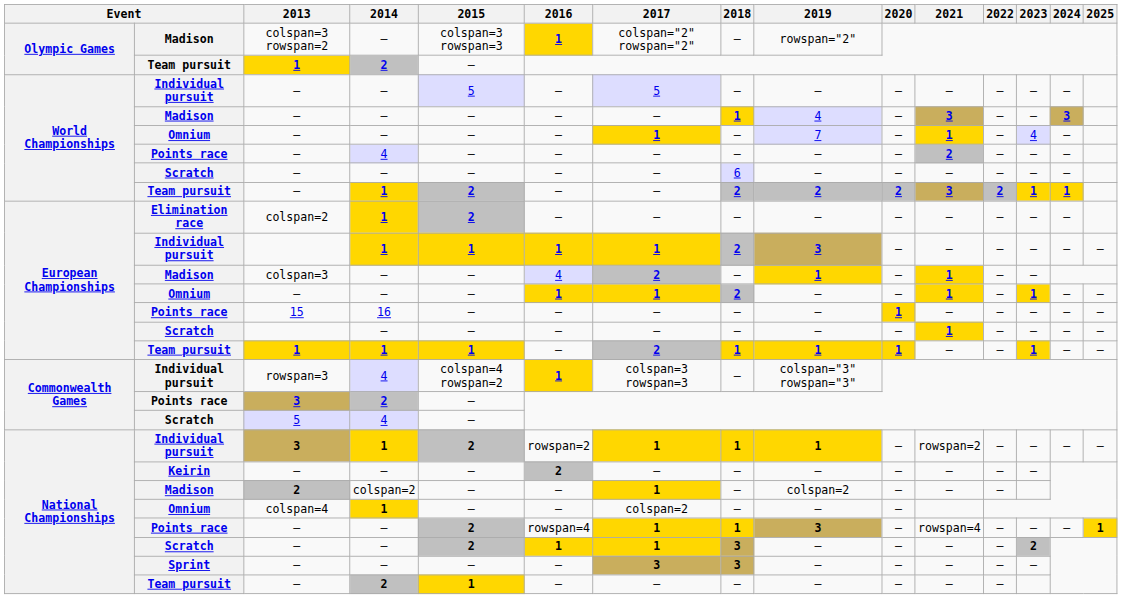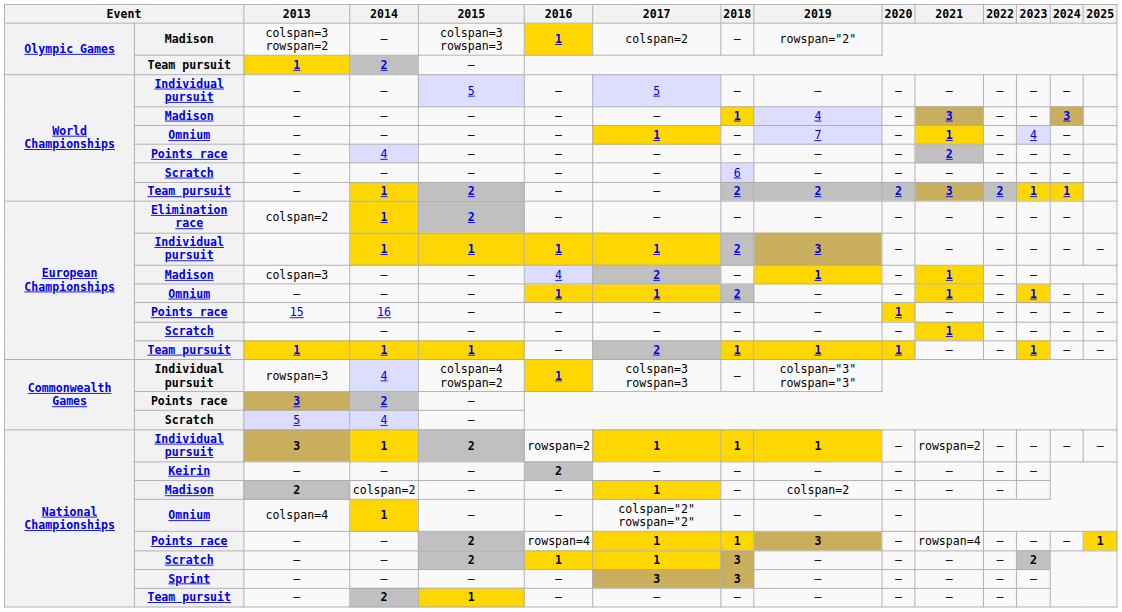 <table class="wikitable plainrowheaders">
 <tr>
 <th scope="col" colspan=2>Event</th>
 <th scope="col">2013</th>
 <th scope="col">2014</th>
 <th scope="col">2015</th>
 <th scope="col">2016</th>
 <th scope="col">2017</th>
 <th scope="col">2018</th>
 <th scope="col">2019</th>
 <th scope="col">2020</th>
 <th scope="col">2021</th>
 <th scope="col">2022</th>
 <th scope="col">2023</th>
 <th scope="col">2024</th>
 <th scope="col">2025</th>
 </tr>
 <tr style="text-align:center;">
 <th scope="row" rowspan=2> <a href='#'>Olympic Games</a></th>
 <th scope="row">Madison</th>
 <td>colspan=3 rowspan=2 </td>
 <td>—</td>
 <td>colspan=3 rowspan=3 </td>
 <th style="background:gold;"><a href='#'>1</a></th>
-<td>colspan="2" rowspan="2" </td>
+<td>colspan=2 </td>
 <td>—</td>
 <td>rowspan="2" </td>
 </tr>
 <tr style="text-align:center;">
 <th scope="row">Team pursuit</th>
 <th style="background:gold;"><a href='#'>1</a></th>
 <th style="background:silver;"><a href='#'>2</a></th>
 <td>—</td>
 </tr>
 <tr style="text-align:center;">
 <th scope="row" rowspan=6> <a href='#'>World Championships</a></th>
 <th scope="row"><a href='#'>Individual pursuit</a></th>
 <td>—</td>
 <td>—</td>
 <td style="background:#ddf;"><a href='#'>5</a></td>
 <td>—</td>
 <td style="background:#ddf;"><a href='#'>5</a></td>
 <td>—</td>
 <td>—</td>
 <td>—</td>
 <td>—</td>
 <td>—</td>
 <td>—</td>
 <td>—</td>
 <td></td>
 </tr>
 <tr style="text-align:center;">
 <th scope="row"><a href='#'>Madison</a></th>
 <td>—</td>
 <td>—</td>
 <td>—</td>
 <td>—</td>
 <td>—</td>
 <th style="background:gold;"><a href='#'>1</a></th>
 <td style="background:#ddf;"><a href='#'>4</a></td>
 <td>—</td>
 <th style="background:#C9AE5D;"><a href='#'>3</a></th>
 <td>—</td>
 <td>—</td>
 <th style="background:#C9AE5D;"><a href='#'>3</a></th>
 <td></td>
 </tr>
 <tr style="text-align:center;">
 <th scope="row"><a href='#'>Omnium</a></th>
 <td>—</td>
 <td>—</td>
 <td>—</td>
 <td>—</td>
 <th style="background:gold;"><a href='#'>1</a></th>
 <td>—</td>
 <td style="background:#ddf;"><a href='#'>7</a></td>
 <td>—</td>
 <th style="background:gold;"><a href='#'>1</a></th>
 <td>—</td>
 <td style="background:#ddf;"><a href='#'>4</a></td>
 <td>—</td>
 <td></td>
 </tr>
 <tr style="text-align:center;">
 <th scope="row"><a href='#'>Points race</a></th>
 <td>—</td>
 <td style="background:#ddf;"><a href='#'>4</a></td>
 <td>—</td>
 <td>—</td>
 <td>—</td>
 <td>—</td>
 <td>—</td>
 <td>—</td>
 <th style="background:silver;"><a href='#'>2</a></th>
 <td>—</td>
 <td>—</td>
 <td>—</td>
 <td></td>
 </tr>
 <tr style="text-align:center;">
 <th scope="row"><a href='#'>Scratch</a></th>
 <td>—</td>
 <td>—</td>
 <td>—</td>
 <td>—</td>
 <td>—</td>
 <td style="background:#ddf;"><a href='#'>6</a></td>
 <td>—</td>
 <td>—</td>
 <td>—</td>
 <td>—</td>
 <td>—</td>
 <td>—</td>
 <td></td>
 </tr>
 <tr style="text-align:center;">
 <th scope="row"><a href='#'>Team pursuit</a></th>
 <td>—</td>
 <th style="background:gold;"><a href='#'>1</a></th>
 <th style="background:silver;"><a href='#'>2</a></th>
 <td>—</td>
 <td>—</td>
 <th style="background:silver;"><a href='#'>2</a></th>
 <th style="background:silver;"><a href='#'>2</a></th>
 <th style="background:silver;"><a href='#'>2</a></th>
 <th style="background:#C9AE5D;"><a href='#'>3</a></th>
 <th style="background:silver;"><a href='#'>2</a></th>
 <th style="background:gold;"><a href='#'>1</a></th>
 <th style="background:gold;"><a href='#'>1</a></th>
 <td></td>
 </tr>
 <tr style="text-align:center;">
 <th scope="row" rowspan=7> <a href='#'>European Championships</a></th>
 <th scope="row"><a href='#'>Elimination race</a></th>
 <td>colspan=2 </td>
 <th style="background:gold;"><a href='#'>1</a></th>
 <th style="background:silver;"><a href='#'>2</a></th>
 <td>—</td>
 <td>—</td>
 <td>—</td>
 <td>—</td>
 <td>—</td>
 <td>—</td>
 <td>—</td>
 <td>—</td>
 <td>—</td>
 </tr>
 <tr style="text-align:center;">
 <th scope="row"><a href='#'>Individual pursuit</a></th>
 <td></td>
 <th style="background:gold;"><a href='#'>1</a></th>
 <th style="background:gold;"><a href='#'>1</a></th>
 <th style="background:gold;"><a href='#'>1</a></th>
 <th style="background:gold;"><a href='#'>1</a></th>
 <th style="background:silver;"><a href='#'>2</a></th>
 <th style="background:#C9AE5D;"><a href='#'>3</a></th>
 <td>—</td>
 <td>—</td>
 <td>—</td>
 <td>—</td>
 <td>—</td>
 <td>—</td>
 </tr>
 <tr style="text-align:center;">
 <th scope="row"><a href='#'>Madison</a></th>
 <td>colspan=3 </td>
 <td>—</td>
 <td>—</td>
 <td style="background:#ddf;"><a href='#'>4</a></td>
 <th style="background:silver;"><a href='#'>2</a></th>
 <td>—</td>
 <th style="background:gold;"><a href='#'>1</a></th>
 <td>—</td>
 <th style="background:gold;"><a href='#'>1</a></th>
 <td>—</td>
 <td>—</td>
 </tr>
 <tr style="text-align:center;">
 <th scope="row"><a href='#'>Omnium</a></th>
 <td>—</td>
 <td>—</td>
 <td>—</td>
 <th style="background:gold;"><a href='#'>1</a></th>
 <th style="background:gold;"><a href='#'>1</a></th>
 <th style="background:silver;"><a href='#'>2</a></th>
 <td>—</td>
 <td>—</td>
 <th style="background:gold;"><a href='#'>1</a></th>
 <td>—</td>
 <th style="background:gold;"><a href='#'>1</a></th>
 <td>—</td>
 <td>—</td>
 </tr>
 <tr style="text-align:center;">
 <th scope="row"><a href='#'>Points race</a></th>
 <td><a href='#'>15</a></td>
 <td><a href='#'>16</a></td>
 <td>—</td>
 <td>—</td>
 <td>—</td>
 <td>—</td>
 <td>—</td>
 <th style="background:gold;"><a href='#'>1</a></th>
 <td>—</td>
 <td>—</td>
 <td>—</td>
 <td>—</td>
 <td>—</td>
 </tr>
 <tr style="text-align:center;">
 <th scope="row"><a href='#'>Scratch</a></th>
 <td></td>
 <td>—</td>
 <td>—</td>
 <td>—</td>
 <td>—</td>
 <td>—</td>
 <td>—</td>
 <td>—</td>
 <th style="background:gold;"><a href='#'>1</a></th>
 <td>—</td>
 <td>—</td>
 <td>—</td>
 <td>—</td>
 </tr>
 <tr style="text-align:center;">
 <th scope="row"><a href='#'>Team pursuit</a></th>
 <th style="background:gold;"><a href='#'>1</a></th>
 <th style="background:gold;"><a href='#'>1</a></th>
 <th style="background:gold;"><a href='#'>1</a></th>
 <td>—</td>
 <th style="background:silver;"><a href='#'>2</a></th>
 <th style="background:gold;"><a href='#'>1</a></th>
 <th style="background:gold;"><a href='#'>1</a></th>
 <th style="background:gold;"><a href='#'>1</a></th>
 <td>—</td>
 <td>—</td>
 <th style="background:gold;"><a href='#'>1</a></th>
 <td>—</td>
 <td>—</td>
 </tr>
 <tr style="text-align:center;">
 <th scope="row" rowspan=3> <a href='#'>Commonwealth Games</a></th>
 <th scope="row">Individual pursuit</th>
 <td>rowspan=3 </td>
 <td style="background:#ddf;"><a href='#'>4</a></td>
 <td>colspan=4 rowspan=2 </td>
 <th style="background:gold;"><a href='#'>1</a></th>
 <td>colspan=3 rowspan=3 </td>
 <td>—</td>
 <td>colspan="3" rowspan="3" </td>
 </tr>
 <tr style="text-align:center;">
 <th scope="row">Points race</th>
 <th style="background:#C9AE5D;"><a href='#'>3</a></th>
 <th style="background:silver;"><a href='#'>2</a></th>
 <td>—</td>
 </tr>
 <tr style="text-align:center;">
 <th scope="row">Scratch</th>
 <td style="background:#ddf;"><a href='#'>5</a></td>
 <td style="background:#ddf;"><a href='#'>4</a></td>
 <td>—</td>
 </tr>
 <tr style="text-align:center;">
 <th scope="row" rowspan=8> <a href='#'>National Championships</a></th>
 <th scope="row"><a href='#'>Individual pursuit</a></th>
 <th style="background:#C9AE5D;">3</th>
 <th style="background:gold;">1</th>
 <th style="background:silver;">2</th>
 <td>rowspan=2 </td>
 <th style="background:gold;">1</th>
 <th style="background:gold;">1</th>
 <th style="background:gold;">1</th>
 <td>—</td>
 <td>rowspan=2 </td>
 <td>—</td>
 <td>—</td>
 <td>—</td>
 <td>—</td>
 </tr>
 <tr style="text-align:center;">
 <th scope="row"><a href='#'>Keirin</a></th>
 <td>—</td>
 <td>—</td>
 <td>—</td>
 <th style="background:silver;">2</th>
 <td>—</td>
 <td>—</td>
 <td>—</td>
 <td>—</td>
 <td>—</td>
 <td>—</td>
 <td>—</td>
 </tr>
 <tr style="text-align:center;">
 <th scope="row"><a href='#'>Madison</a></th>
 <th style="background:silver;">2</th>
 <td>colspan=2 </td>
 <td>—</td>
 <td>—</td>
 <th style="background:gold;">1</th>
 <td>—</td>
 <td>colspan=2 </td>
 <td>—</td>
 <td>—</td>
 <td>—</td>
 <td></td>
 </tr>
 <tr style="text-align:center;">
 <th scope="row"><a href='#'>Omnium</a></th>
 <td>colspan=4 </td>
 <th style="background:gold;">1</th>
 <td>—</td>
 <td>—</td>
-<td>colspan=2 </td>
+<td>colspan="2" rowspan="2" </td>
 <td>—</td>
 <td>—</td>
 <td>—</td>
 <td></td>
 </tr>
 <tr style="text-align:center;">
 <th scope="row"><a href='#'>Points race</a></th>
 <td>—</td>
 <td>—</td>
 <th style="background:silver;">2</th>
 <td>rowspan=4 </td>
 <th style="background:gold;">1</th>
 <th style="background:gold;">1</th>
 <th style="background:#C9AE5D;">3</th>
 <td>—</td>
 <td>rowspan=4 </td>
 <td>—</td>
 <td>—</td>
 <td>—</td>
 <th style="background:gold;">1</th>
 </tr>
 <tr style="text-align:center;">
 <th scope="row"><a href='#'>Scratch</a></th>
 <td>—</td>
 <td>—</td>
 <th style="background:silver;">2</th>
 <th style="background:gold;">1</th>
 <th style="background:gold;">1</th>
 <th style="background:#C9AE5D;">3</th>
 <td>—</td>
 <td>—</td>
 <td>—</td>
 <td>—</td>
 <th style="background:silver;">2</th>
 </tr>
 <tr style="text-align:center;">
 <th scope="row"><a href='#'>Sprint</a></th>
 <td>—</td>
 <td>—</td>
 <td>—</td>
 <td>—</td>
 <th style="background:#C9AE5D;">3</th>
 <th style="background:#C9AE5D;">3</th>
 <td>—</td>
 <td>—</td>
 <td>—</td>
 <td>—</td>
 <td>—</td>
 </tr>
 <tr style="text-align:center;">
 <th scope="row"><a href='#'>Team pursuit</a></th>
 <td>—</td>
 <th style="background:silver;">2</th>
 <th style="background:gold;">1</th>
 <td>—</td>
 <td>—</td>
 <td>—</td>
 <td>—</td>
 <td>—</td>
 <td>—</td>
 <td>—</td>
 <td></td>
 </tr>
 </table>
